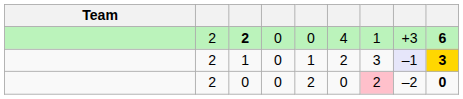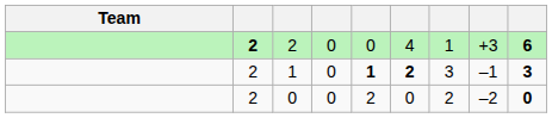 <table class="wikitable" style="text-align: center;">
 <tr>
 <th width=210>Team</th>
 <th width=30></th>
 <th width=30></th>
 <th width=30></th>
 <th width=30></th>
 <th width=30></th>
 <th width=30></th>
 <th width=30></th>
 <th width=30></th>
 </tr>
 <tr style="background:#bbf3bb;">
 <td align=left></td>
+<td><strong>2</strong></td>
 <td>2</td>
-<td><strong>2</strong></td>
 <td>0</td>
 <td>0</td>
 <td>4</td>
 <td>1</td>
 <td>+3</td>
 <td><strong>6</strong></td>
 </tr>
 <tr>
 <td align=left></td>
 <td>2</td>
 <td>1</td>
 <td>0</td>
-<td>1</td>
-<td>2</td>
+<td><strong>1</strong></td>
+<td><strong>2</strong></td>
 <td>3</td>
-<td style="background: lavender;">–1</td>
-<td style="background: gold;"><strong>3</strong></td>
+<td>–1</td>
+<td><strong>3</strong></td>
 </tr>
 <tr>
 <td align=left></td>
 <td>2</td>
 <td>0</td>
 <td>0</td>
 <td>2</td>
 <td>0</td>
-<td style="background: pink;">2</td>
+<td>2</td>
 <td>–2</td>
 <td><strong>0</strong></td>
 </tr>
 </table>
